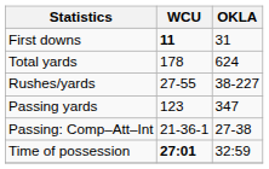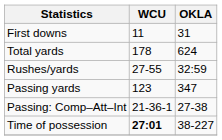 <table class="wikitable" style="float: left;">
 <tr>
 <th>Statistics</th>
 <th>WCU</th>
 <th>OKLA</th>
 </tr>
 <tr>
 <td>First downs</td>
-<td><strong>11</strong></td>
+<td>11</td>
 <td>31</td>
 </tr>
 <tr>
 <td>Total yards</td>
 <td>178</td>
 <td>624</td>
 </tr>
 <tr>
 <td>Rushes/yards</td>
 <td>27-55</td>
-<td>38-227</td>
+<td>32:59</td>
 </tr>
 <tr>
 <td>Passing yards</td>
 <td>123</td>
 <td>347</td>
 </tr>
 <tr>
 <td>Passing: Comp–Att–Int</td>
 <td>21-36-1</td>
 <td>27-38</td>
 </tr>
 <tr>
 <td>Time of possession</td>
 <td><strong>27:01</strong></td>
-<td>32:59</td>
+<td>38-227</td>
 </tr>
 <tr>
 </tr>
 </table>
